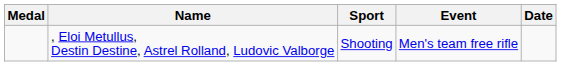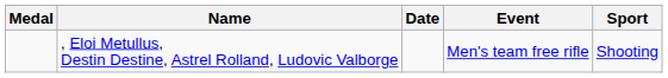 <table class="wikitable sortable" style="font-size: 95%;">
 <tr>
 <th>Medal</th>
 <th>Name</th>
+<th>Date</th>
+<th>Event</th>
 <th>Sport</th>
-<th>Event</th>
-<th>Date</th>
 </tr>
 <tr>
 <td></td>
 <td>, <a href='#'>Eloi Metullus</a>,<br><a href='#'>Destin Destine</a>, <a href='#'>Astrel Rolland</a>, <a href='#'>Ludovic Valborge</a></td>
+<td></td>
+<td><a href='#'>Men's team free rifle</a></td>
 <td><a href='#'>Shooting</a></td>
-<td><a href='#'>Men's team free rifle</a></td>
-<td></td>
 </tr>
 </table>
